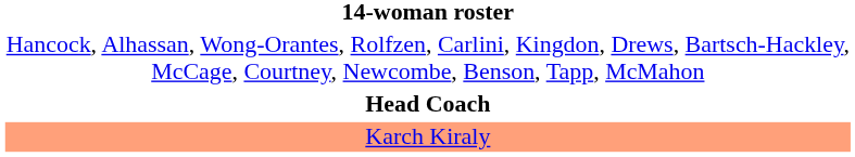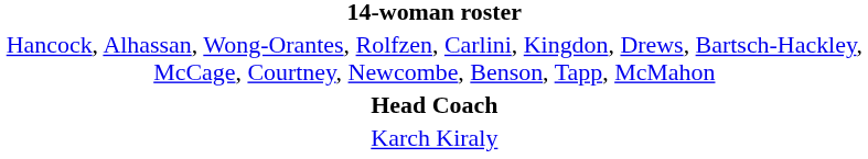 <table style="text-align: center; margin-top: 2em; margin-left: auto; margin-right: auto;">
 <tr>
 <th>14-woman roster</th>
 </tr>
 <tr>
 <td><a href='#'>Hancock</a>, <a href='#'>Alhassan</a>,  <a href='#'>Wong-Orantes</a>, <a href='#'>Rolfzen</a>, <a href='#'>Carlini</a>, <a href='#'>Kingdon</a>, <a href='#'>Drews</a>, <a href='#'>Bartsch-Hackley</a>, <br> <a href='#'>McCage</a>, <a href='#'>Courtney</a>, <a href='#'>Newcombe</a>, <a href='#'>Benson</a>, <a href='#'>Tapp</a>, <a href='#'>McMahon</a></td>
 </tr>
 <tr>
 <th>Head Coach</th>
 </tr>
 <tr>
-<td style="background: lightsalmon;"><a href='#'>Karch Kiraly</a></td>
+<td><a href='#'>Karch Kiraly</a></td>
 </tr>
 </table>
